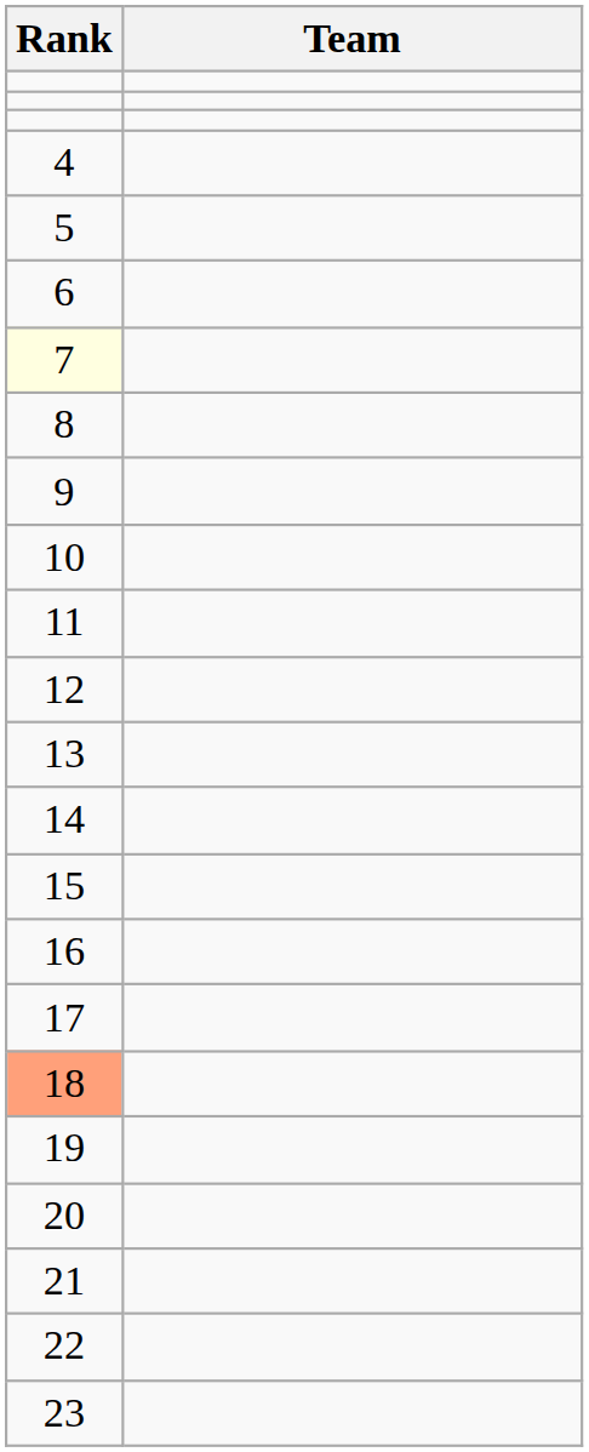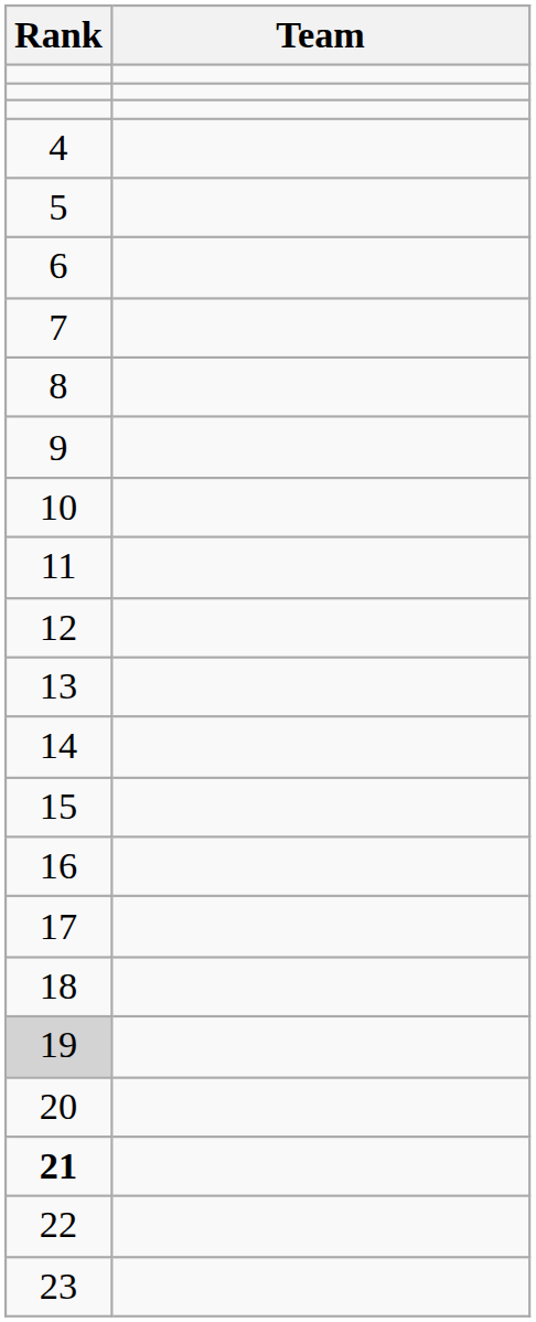 <table class="wikitable">
 <tr>
 <th>Rank</th>
 <th width=170>Team</th>
 </tr>
 <tr>
 <td align=center></td>
 <td></td>
 </tr>
 <tr>
 <td align=center></td>
 <td></td>
 </tr>
 <tr>
 <td align=center></td>
 <td></td>
 </tr>
 <tr>
 <td align=center>4</td>
 <td></td>
 </tr>
 <tr>
 <td align=center>5</td>
 <td></td>
 </tr>
 <tr>
 <td align=center>6</td>
 <td></td>
 </tr>
 <tr>
-<td align=center style="background: lightyellow;">7</td>
+<td align=center>7</td>
 <td></td>
 </tr>
 <tr>
 <td align=center>8</td>
 <td></td>
 </tr>
 <tr>
 <td align=center>9</td>
 <td></td>
 </tr>
 <tr>
 <td align=center>10</td>
 <td></td>
 </tr>
 <tr>
 <td align=center>11</td>
 <td></td>
 </tr>
 <tr>
 <td align=center>12</td>
 <td></td>
 </tr>
 <tr>
 <td align=center>13</td>
 <td></td>
 </tr>
 <tr>
 <td align=center>14</td>
 <td></td>
 </tr>
 <tr>
 <td align=center>15</td>
 <td></td>
 </tr>
 <tr>
 <td align=center>16</td>
 <td></td>
 </tr>
 <tr>
 <td align=center>17</td>
 <td></td>
 </tr>
 <tr>
-<td align=center style="background: lightsalmon;">18</td>
+<td align=center>18</td>
 <td></td>
 </tr>
 <tr>
-<td align=center>19</td>
+<td align=center style="background: lightgrey;">19</td>
 <td></td>
 </tr>
 <tr>
 <td align=center>20</td>
 <td></td>
 </tr>
 <tr>
-<td align=center>21</td>
+<td align=center><strong>21</strong></td>
 <td></td>
 </tr>
 <tr>
 <td align=center>22</td>
 <td></td>
 </tr>
 <tr>
 <td align=center>23</td>
 <td></td>
 </tr>
 </table>
